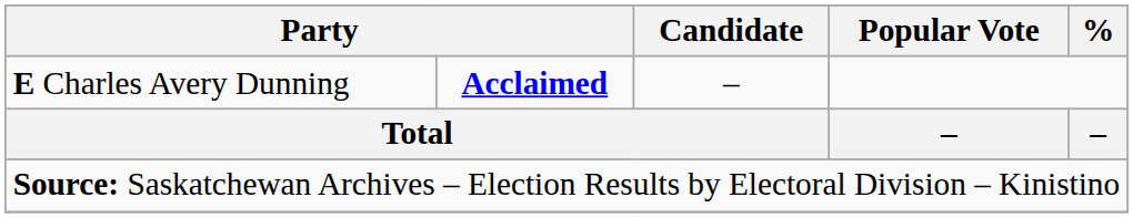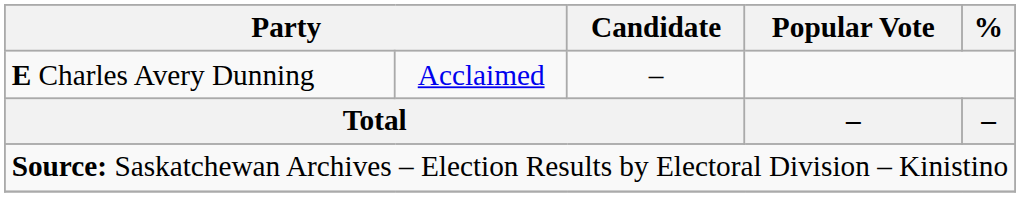 <table class="wikitable">
 <tr>
 <th colspan="2">Party</th>
 <th>Candidate</th>
 <th>Popular Vote</th>
 <th>%</th>
 </tr>
 <tr>
 <td><strong>E</strong> Charles Avery Dunning</td>
-<td align=center><strong><a href='#'>Acclaimed</a></strong></td>
+<td align=center><a href='#'>Acclaimed</a></td>
 <td align=center>–</td>
 </tr>
 <tr>
 <th colspan=3>Total</th>
 <th>–</th>
 <th>–</th>
 </tr>
 <tr>
 <td align="center" colspan=5><strong>Source:</strong>  Saskatchewan Archives – Election Results by Electoral Division – Kinistino</td>
 </tr>
 <tr>
 </tr>
 </table>
